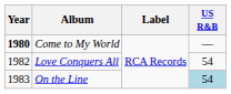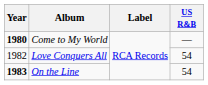 <table class="wikitable">
 <tr>
 <th>Year</th>
 <th>Album</th>
 <th>Label</th>
 <th style="width:45px;"><small><a href='#'>US R&B</a></small></th>
 </tr>
 <tr>
 <td><strong>1980</strong></td>
 <td><em>Come to My World</em></td>
 <td rowspan="3"><a href='#'>RCA Records</a></td>
 <td align=center>—</td>
 </tr>
 <tr>
 <td>1982</td>
 <td><em><a href='#'>Love Conquers All</a></em></td>
 <td align=center>54</td>
 </tr>
 <tr>
-<td>1983</td>
+<td><strong>1983</strong></td>
 <td><em><a href='#'>On the Line</a></em></td>
-<td align=center style="background: lightblue;">54</td>
+<td align=center>54</td>
 </tr>
 </table>
